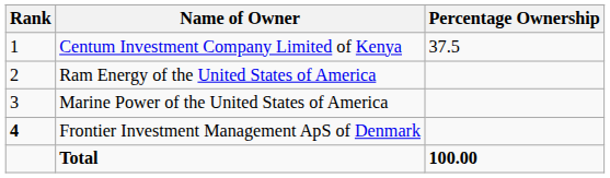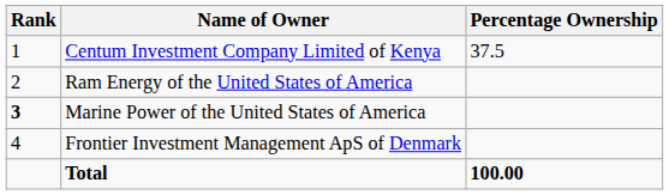 <table class="wikitable sortable" style="margin:0.5em auto">
 <tr>
 </tr>
 <tr>
 <th style="width:2em;">Rank</th>
 <th>Name of Owner</th>
 <th>Percentage Ownership</th>
 </tr>
 <tr>
 <td>1</td>
 <td><a href='#'>Centum Investment Company Limited</a> of <a href='#'>Kenya</a></td>
 <td>37.5</td>
 </tr>
 <tr>
 <td>2</td>
 <td>Ram Energy of the <a href='#'>United States of America</a></td>
 <td></td>
 </tr>
 <tr>
-<td>3</td>
+<td><strong>3</strong></td>
 <td>Marine Power of the United States of America</td>
 <td></td>
 </tr>
 <tr>
-<td><strong>4</strong></td>
+<td>4</td>
 <td>Frontier Investment Management ApS of <a href='#'>Denmark</a></td>
 <td></td>
 </tr>
 <tr>
 <td></td>
 <td><strong>Total</strong></td>
 <td><strong>100.00</strong></td>
 </tr>
 </table>
